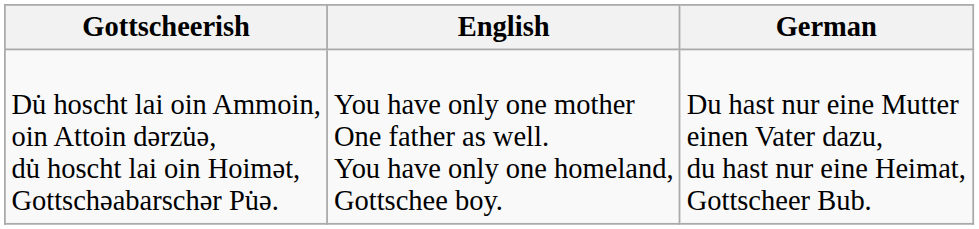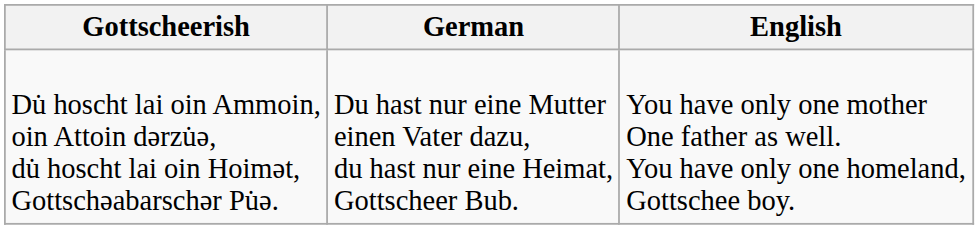 <table class="wikitable">
 <tr>
 <th>Gottscheerish</th>
+<th>German</th>
 <th>English</th>
-<th>German</th>
 </tr>
 <tr>
 <td><br>Du̇ hoscht lai oin Ammoin,<br> oin Attoin dərzu̇ə,<br> du̇ hoscht lai oin Hoimət,<br> Gottschəabarschər Pu̇ə.<br></td>
+<td><br>Du hast nur eine Mutter<br> einen Vater dazu,<br> du hast nur eine Heimat,<br> Gottscheer Bub.<br></td>
 <td><br>You have only one mother<br> One father as well.<br> You have only one homeland,<br> Gottschee boy.<br></td>
-<td><br>Du hast nur eine Mutter<br> einen Vater dazu,<br> du hast nur eine Heimat,<br> Gottscheer Bub.<br></td>
 </tr>
 </table>
